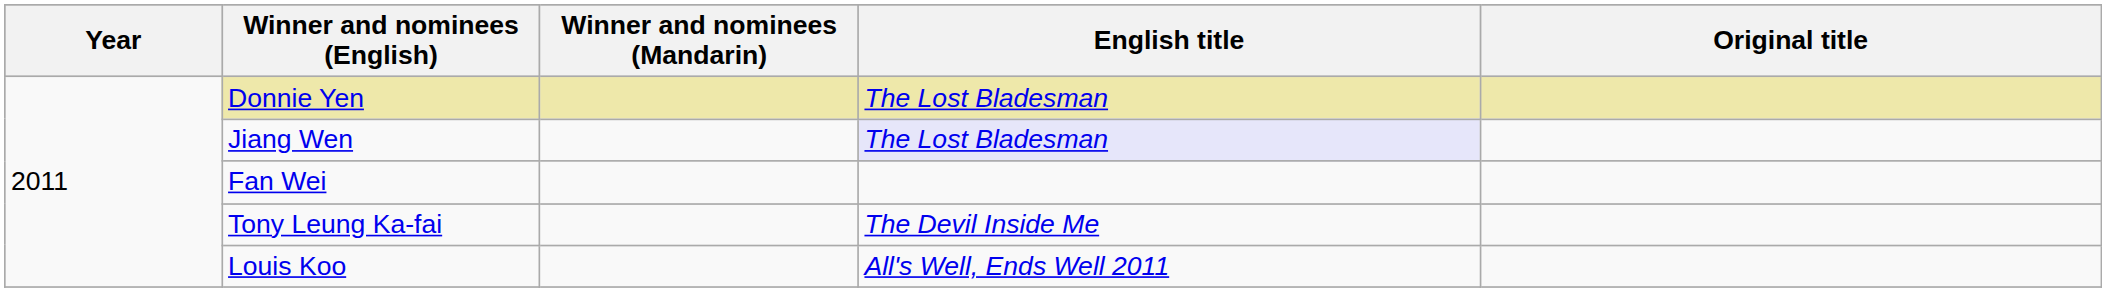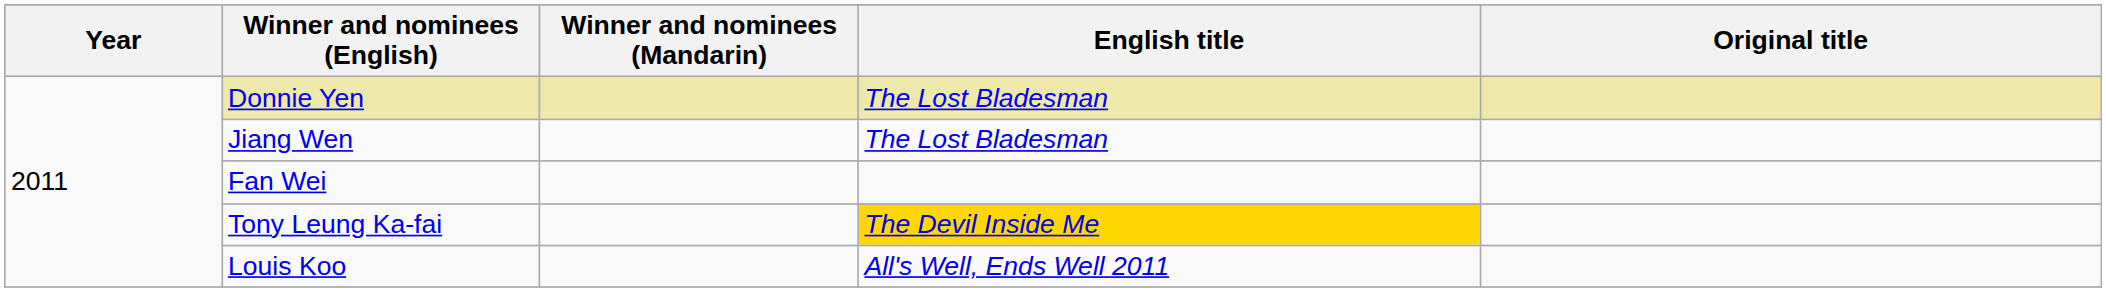 <table class="wikitable" style="width:100%;">
 <tr style="background:#BEBEBE">
 <th width="100"><strong>Year</strong></th>
 <th width="150"><strong>Winner and nominees<br>(English)</strong></th>
 <th width="150"><strong>Winner and nominees<br>(Mandarin)</strong></th>
 <th width="300"><strong>English title</strong></th>
 <th width="300"><strong>Original title</strong></th>
 </tr>
 <tr>
 <td rowspan="5">2011</td>
 <td style="background:#EEE8AA;"><a href='#'>Donnie Yen</a></td>
 <td style="background:#EEE8AA;"></td>
 <td style="background:#EEE8AA;"><em><a href='#'>The Lost Bladesman</a></em></td>
 <td style="background:#EEE8AA;"></td>
 </tr>
 <tr>
 <td><a href='#'>Jiang Wen</a></td>
 <td></td>
-<td style="background: lavender;"><em><a href='#'>The Lost Bladesman</a></em></td>
+<td><em><a href='#'>The Lost Bladesman</a></em></td>
 <td></td>
 </tr>
 <tr>
 <td><a href='#'>Fan Wei</a></td>
 <td></td>
 <td><em></em></td>
 <td></td>
 </tr>
 <tr>
 <td><a href='#'>Tony Leung Ka-fai</a></td>
 <td></td>
-<td><em><a href='#'>The Devil Inside Me</a></em></td>
+<td style="background: gold;"><em><a href='#'>The Devil Inside Me</a></em></td>
 <td></td>
 </tr>
 <tr>
 <td><a href='#'>Louis Koo</a></td>
 <td></td>
 <td><em><a href='#'>All's Well, Ends Well 2011</a></em></td>
 <td></td>
 </tr>
 </table>
